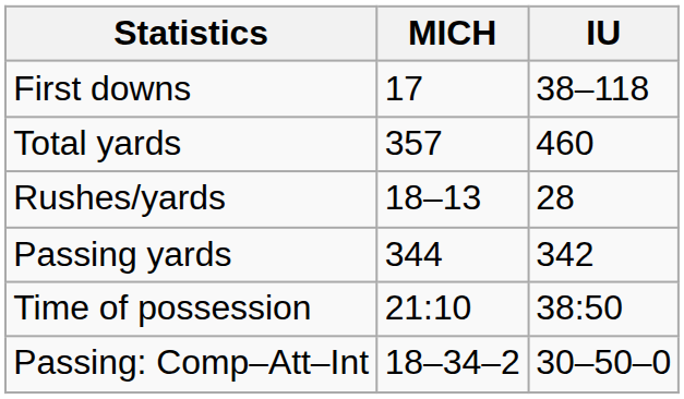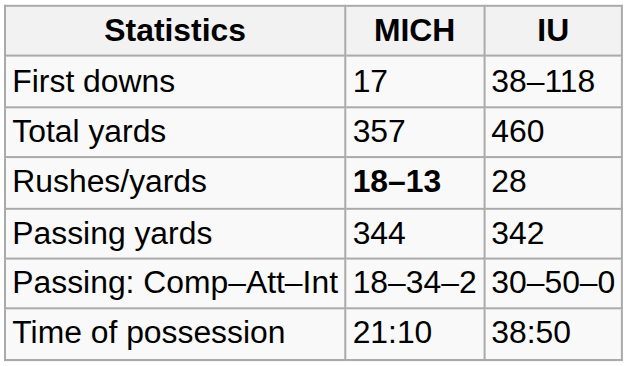 <table class="wikitable" style="float: left;">
 <tr>
 <th>Statistics</th>
 <th>MICH</th>
 <th>IU</th>
 </tr>
 <tr>
 <td>First downs</td>
 <td>17</td>
 <td>38–118</td>
 </tr>
 <tr>
 <td>Total yards</td>
 <td>357</td>
 <td>460</td>
 </tr>
 <tr>
 <td>Rushes/yards</td>
-<td>18–13</td>
+<td><strong>18–13</strong></td>
 <td>28</td>
 </tr>
 <tr>
 <td>Passing yards</td>
 <td>344</td>
 <td>342</td>
 </tr>
 <tr>
+<td>Passing: Comp–Att–Int</td>
+<td>18–34–2</td>
+<td>30–50–0</td>
+</tr>
+<tr>
 <td>Time of possession</td>
 <td>21:10</td>
 <td>38:50</td>
 </tr>
 <tr>
-<td>Passing: Comp–Att–Int</td>
-<td>18–34–2</td>
-<td>30–50–0</td>
-</tr>
-<tr>
 </tr>
 </table>
